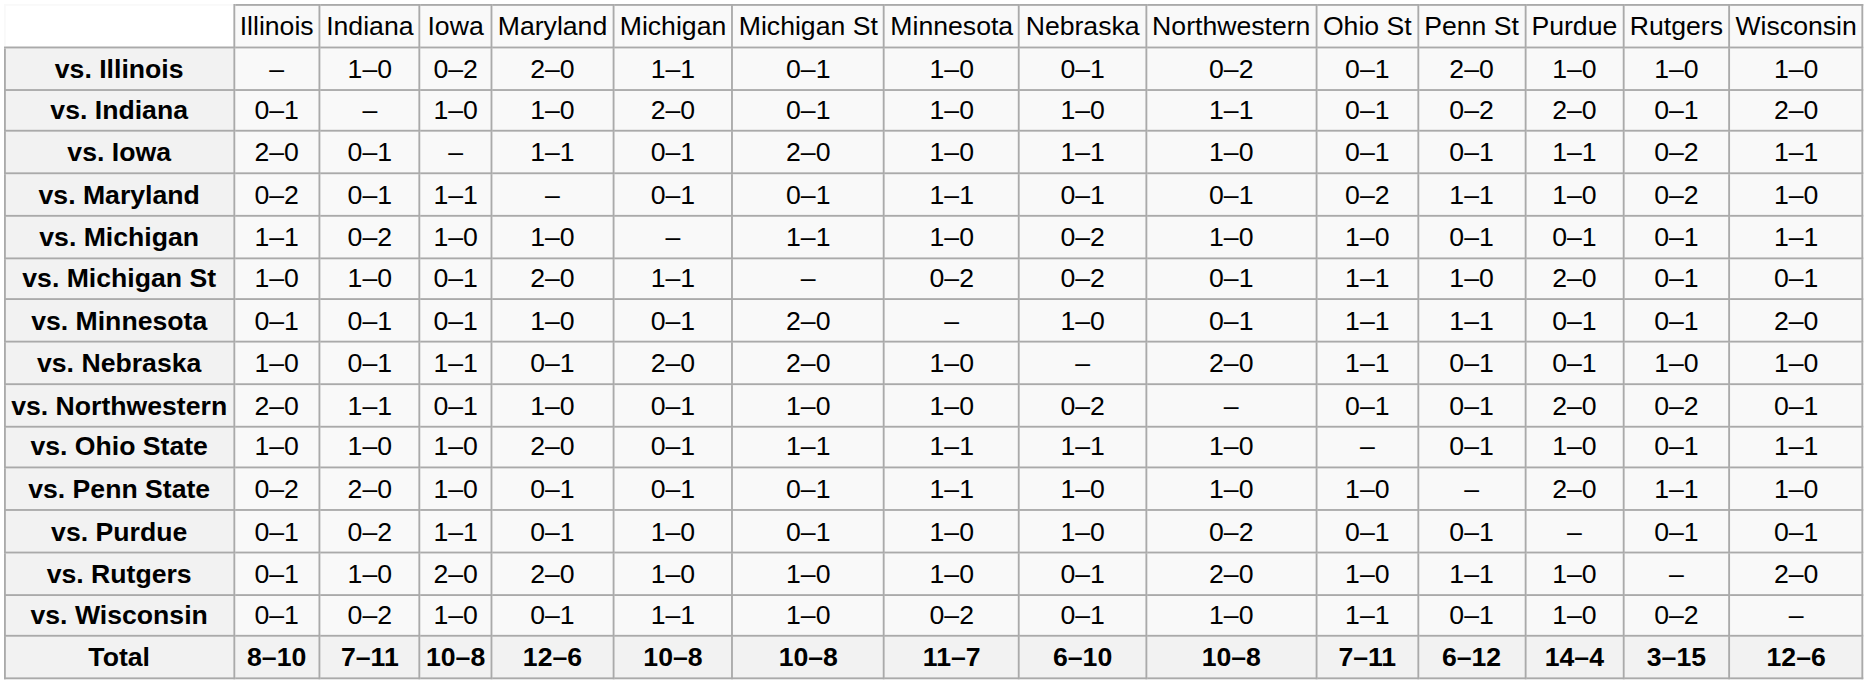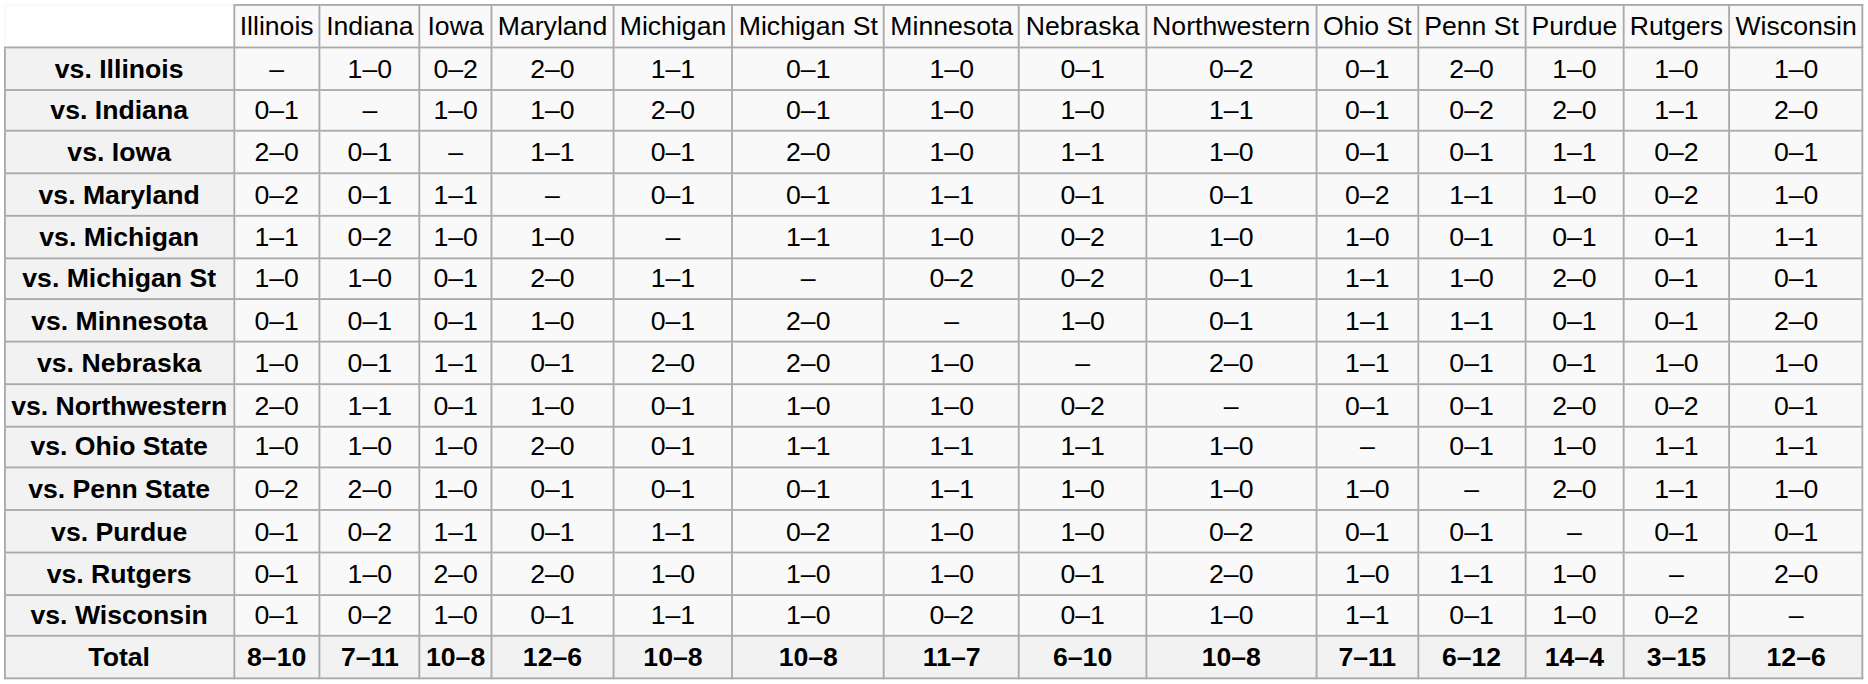 <table class="wikitable" style="white-space:nowrap; font-size:90%; text-align:center;">
 <tr>
 <td style="background:white; border-top-style:hidden; border-left-style:hidden;"></td>
 <td align="center" style="background:#">Illinois</td>
 <td align="center" style=>Indiana</td>
 <td align="center" style=>Iowa</td>
 <td align="center" style=>Maryland</td>
 <td align="center" style=>Michigan</td>
 <td align="center" style=>Michigan St</td>
 <td align="center" style=>Minnesota</td>
 <td align="center" style=>Nebraska</td>
 <td align="center" style=>Northwestern</td>
 <td align="center" style=>Ohio St</td>
 <td align="center" style=>Penn St</td>
 <td align="center" style=>Purdue</td>
 <td align="center" style=>Rutgers</td>
 <td align="center" style=>Wisconsin</td>
 </tr>
 <tr>
 <th>vs. Illinois</th>
 <td>–</td>
 <td>1–0</td>
 <td>0–2</td>
 <td>2–0</td>
 <td>1–1</td>
 <td>0–1</td>
 <td>1–0</td>
 <td>0–1</td>
 <td>0–2</td>
 <td>0–1</td>
 <td>2–0</td>
 <td>1–0</td>
 <td>1–0</td>
 <td>1–0</td>
 </tr>
 <tr>
 <th>vs. Indiana</th>
 <td>0–1</td>
 <td>–</td>
 <td>1–0</td>
 <td>1–0</td>
 <td>2–0</td>
 <td>0–1</td>
 <td>1–0</td>
 <td>1–0</td>
 <td>1–1</td>
 <td>0–1</td>
 <td>0–2</td>
 <td>2–0</td>
-<td>0–1</td>
+<td>1–1</td>
 <td>2–0</td>
 </tr>
 <tr>
 <th>vs. Iowa</th>
 <td>2–0</td>
 <td>0–1</td>
 <td>–</td>
 <td>1–1</td>
 <td>0–1</td>
 <td>2–0</td>
 <td>1–0</td>
 <td>1–1</td>
 <td>1–0</td>
 <td>0–1</td>
 <td>0–1</td>
 <td>1–1</td>
 <td>0–2</td>
-<td>1–1</td>
+<td>0–1</td>
 </tr>
 <tr>
 <th>vs. Maryland</th>
 <td>0–2</td>
 <td>0–1</td>
 <td>1–1</td>
 <td>–</td>
 <td>0–1</td>
 <td>0–1</td>
 <td>1–1</td>
 <td>0–1</td>
 <td>0–1</td>
 <td>0–2</td>
 <td>1–1</td>
 <td>1–0</td>
 <td>0–2</td>
 <td>1–0</td>
 </tr>
 <tr>
 <th>vs. Michigan</th>
 <td>1–1</td>
 <td>0–2</td>
 <td>1–0</td>
 <td>1–0</td>
 <td>–</td>
 <td>1–1</td>
 <td>1–0</td>
 <td>0–2</td>
 <td>1–0</td>
 <td>1–0</td>
 <td>0–1</td>
 <td>0–1</td>
 <td>0–1</td>
 <td>1–1</td>
 </tr>
 <tr>
 <th>vs. Michigan St</th>
 <td>1–0</td>
 <td>1–0</td>
 <td>0–1</td>
 <td>2–0</td>
 <td>1–1</td>
 <td>–</td>
 <td>0–2</td>
 <td>0–2</td>
 <td>0–1</td>
 <td>1–1</td>
 <td>1–0</td>
 <td>2–0</td>
 <td>0–1</td>
 <td>0–1</td>
 </tr>
 <tr>
 <th>vs. Minnesota</th>
 <td>0–1</td>
 <td>0–1</td>
 <td>0–1</td>
 <td>1–0</td>
 <td>0–1</td>
 <td>2–0</td>
 <td>–</td>
 <td>1–0</td>
 <td>0–1</td>
 <td>1–1</td>
 <td>1–1</td>
 <td>0–1</td>
 <td>0–1</td>
 <td>2–0</td>
 </tr>
 <tr>
 <th>vs. Nebraska</th>
 <td>1–0</td>
 <td>0–1</td>
 <td>1–1</td>
 <td>0–1</td>
 <td>2–0</td>
 <td>2–0</td>
 <td>1–0</td>
 <td>–</td>
 <td>2–0</td>
 <td>1–1</td>
 <td>0–1</td>
 <td>0–1</td>
 <td>1–0</td>
 <td>1–0</td>
 </tr>
 <tr>
 <th>vs. Northwestern</th>
 <td>2–0</td>
 <td>1–1</td>
 <td>0–1</td>
 <td>1–0</td>
 <td>0–1</td>
 <td>1–0</td>
 <td>1–0</td>
 <td>0–2</td>
 <td>–</td>
 <td>0–1</td>
 <td>0–1</td>
 <td>2–0</td>
 <td>0–2</td>
 <td>0–1</td>
 </tr>
 <tr>
 <th>vs. Ohio State</th>
 <td>1–0</td>
 <td>1–0</td>
 <td>1–0</td>
 <td>2–0</td>
 <td>0–1</td>
 <td>1–1</td>
 <td>1–1</td>
 <td>1–1</td>
 <td>1–0</td>
 <td>–</td>
 <td>0–1</td>
 <td>1–0</td>
-<td>0–1</td>
+<td>1–1</td>
 <td>1–1</td>
 </tr>
 <tr>
 <th>vs. Penn State</th>
 <td>0–2</td>
 <td>2–0</td>
 <td>1–0</td>
 <td>0–1</td>
 <td>0–1</td>
 <td>0–1</td>
 <td>1–1</td>
 <td>1–0</td>
 <td>1–0</td>
 <td>1–0</td>
 <td>–</td>
 <td>2–0</td>
 <td>1–1</td>
 <td>1–0</td>
 </tr>
 <tr>
 <th>vs. Purdue</th>
 <td>0–1</td>
 <td>0–2</td>
 <td>1–1</td>
 <td>0–1</td>
-<td>1–0</td>
-<td>0–1</td>
+<td>1–1</td>
+<td>0–2</td>
 <td>1–0</td>
 <td>1–0</td>
 <td>0–2</td>
 <td>0–1</td>
 <td>0–1</td>
 <td>–</td>
 <td>0–1</td>
 <td>0–1</td>
 </tr>
 <tr>
 <th>vs. Rutgers</th>
 <td>0–1</td>
 <td>1–0</td>
 <td>2–0</td>
 <td>2–0</td>
 <td>1–0</td>
 <td>1–0</td>
 <td>1–0</td>
 <td>0–1</td>
 <td>2–0</td>
 <td>1–0</td>
 <td>1–1</td>
 <td>1–0</td>
 <td>–</td>
 <td>2–0</td>
 </tr>
 <tr>
 <th>vs. Wisconsin</th>
 <td>0–1</td>
 <td>0–2</td>
 <td>1–0</td>
 <td>0–1</td>
 <td>1–1</td>
 <td>1–0</td>
 <td>0–2</td>
 <td>0–1</td>
 <td>1–0</td>
 <td>1–1</td>
 <td>0–1</td>
 <td>1–0</td>
 <td>0–2</td>
 <td>–</td>
 </tr>
 <tr>
 <th>Total</th>
 <th>8–10</th>
 <th>7–11</th>
 <th>10–8</th>
 <th>12–6</th>
 <th>10–8</th>
 <th>10–8</th>
 <th>11–7</th>
 <th>6–10</th>
 <th>10–8</th>
 <th>7–11</th>
 <th>6–12</th>
 <th>14–4</th>
 <th>3–15</th>
 <th>12–6</th>
 </tr>
 </table>
